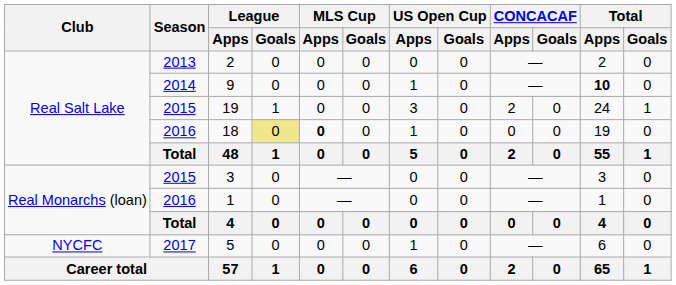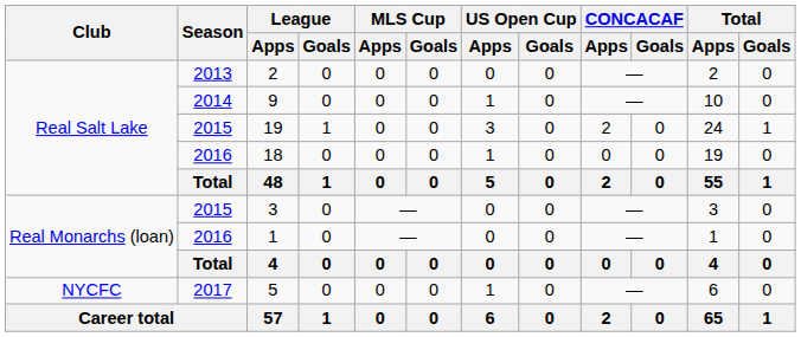 <table class="wikitable" style="font-size:90%; text-align:center;">
 <tr>
 <th rowspan="2">Club</th>
 <th rowspan="2">Season</th>
 <th colspan="2">League</th>
 <th colspan="2">MLS Cup</th>
 <th colspan="2">US Open Cup</th>
 <th colspan="2"><a href='#'>CONCACAF</a></th>
 <th colspan="2">Total</th>
 </tr>
 <tr>
 <th>Apps</th>
 <th>Goals</th>
 <th>Apps</th>
 <th>Goals</th>
 <th>Apps</th>
 <th>Goals</th>
 <th>Apps</th>
 <th>Goals</th>
 <th>Apps</th>
 <th>Goals</th>
 </tr>
 <tr>
 <td rowspan="5"><a href='#'>Real Salt Lake</a></td>
 <td><a href='#'>2013</a></td>
 <td>2</td>
 <td>0</td>
 <td>0</td>
 <td>0</td>
 <td>0</td>
 <td>0</td>
 <td colspan="2">—</td>
 <td>2</td>
 <td>0</td>
 </tr>
 <tr>
 <td><a href='#'>2014</a></td>
 <td>9</td>
 <td>0</td>
 <td>0</td>
 <td>0</td>
 <td>1</td>
 <td>0</td>
 <td colspan="2">—</td>
-<td><strong>10</strong></td>
+<td>10</td>
 <td>0</td>
 </tr>
 <tr>
 <td><a href='#'>2015</a></td>
 <td>19</td>
 <td>1</td>
 <td>0</td>
 <td>0</td>
 <td>3</td>
 <td>0</td>
 <td>2</td>
 <td>0</td>
 <td>24</td>
 <td>1</td>
 </tr>
 <tr>
 <td><a href='#'>2016</a></td>
 <td>18</td>
-<td style="background: khaki;">0</td>
-<td><strong>0</strong></td>
+<td>0</td>
+<td>0</td>
 <td>0</td>
 <td>1</td>
 <td>0</td>
 <td>0</td>
 <td>0</td>
 <td>19</td>
 <td>0</td>
 </tr>
 <tr>
 <th>Total</th>
 <th>48</th>
 <th>1</th>
 <th>0</th>
 <th>0</th>
 <th>5</th>
 <th>0</th>
 <th>2</th>
 <th>0</th>
 <th>55</th>
 <th>1</th>
 </tr>
 <tr>
 <td rowspan="3"><a href='#'>Real Monarchs</a> (loan)</td>
 <td><a href='#'>2015</a></td>
 <td>3</td>
 <td>0</td>
 <td colspan="2">—</td>
 <td>0</td>
 <td>0</td>
 <td colspan="2">—</td>
 <td>3</td>
 <td>0</td>
 </tr>
 <tr>
 <td><a href='#'>2016</a></td>
 <td>1</td>
 <td>0</td>
 <td colspan="2">—</td>
 <td>0</td>
 <td>0</td>
 <td colspan="2">—</td>
 <td>1</td>
 <td>0</td>
 </tr>
 <tr>
 <th>Total</th>
 <th>4</th>
 <th>0</th>
 <th>0</th>
 <th>0</th>
 <th>0</th>
 <th>0</th>
 <th>0</th>
 <th>0</th>
 <th>4</th>
 <th>0</th>
 </tr>
 <tr>
 <td><a href='#'>NYCFC</a></td>
 <td><a href='#'>2017</a></td>
 <td>5</td>
 <td>0</td>
 <td>0</td>
 <td>0</td>
 <td>1</td>
 <td>0</td>
 <td colspan="2">—</td>
 <td>6</td>
 <td>0</td>
 </tr>
 <tr>
 <th colspan="2">Career total</th>
 <th>57</th>
 <th>1</th>
 <th>0</th>
 <th>0</th>
 <th>6</th>
 <th>0</th>
 <th>2</th>
 <th>0</th>
 <th>65</th>
 <th>1</th>
 </tr>
 </table>
